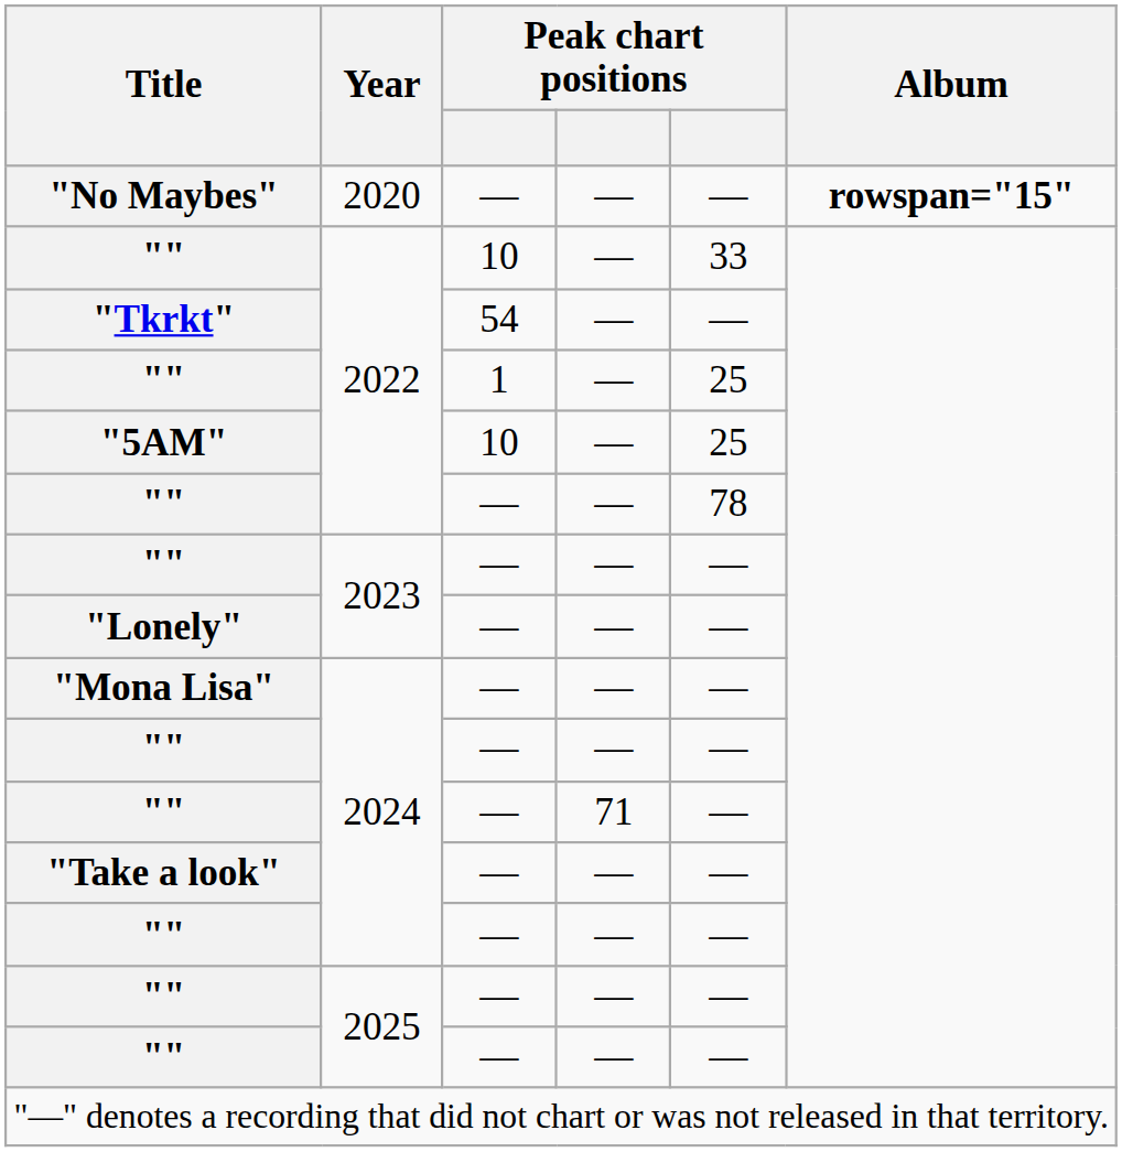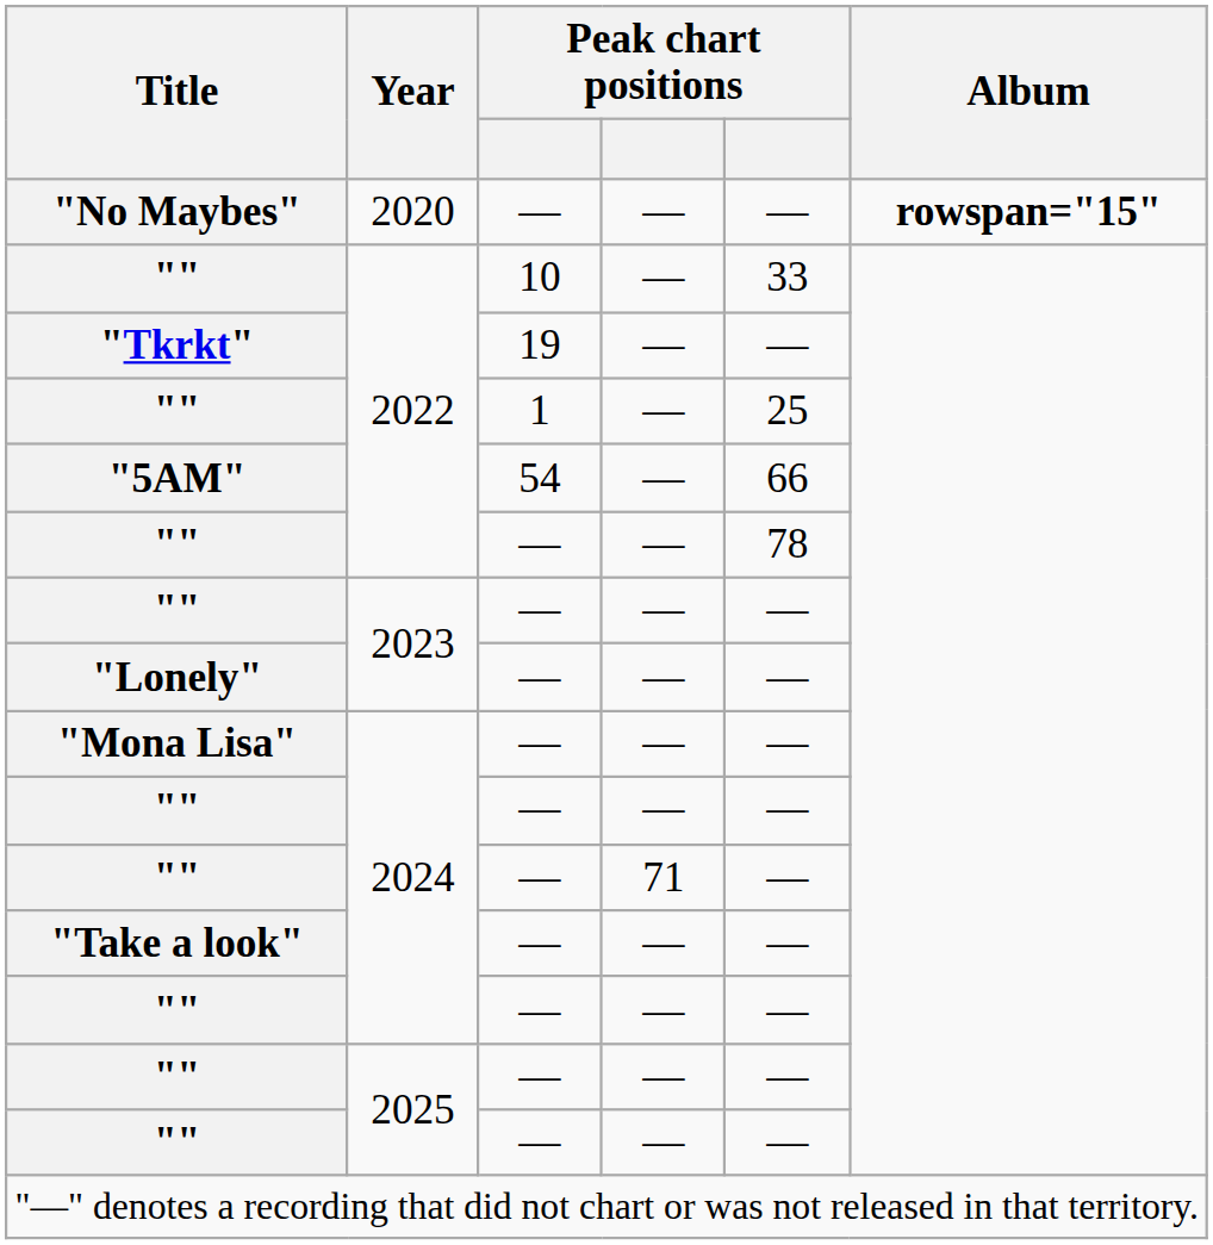 <table class="wikitable plainrowheaders" style="text-align:center;">
 <tr>
 <th scope="col" rowspan="2">Title</th>
 <th scope="col" rowspan="2">Year</th>
 <th scope="col" colspan="3">Peak chart positions</th>
 <th scope="col" rowspan="2">Album</th>
 </tr>
 <tr>
 <th style="width:3em; font-size:85%;"><a href='#'></a><br></th>
 <th style="width:3em; font-size:85%;"><a href='#'></a><br></th>
 <th style="width:3em; font-size:85%;"><a href='#'></a><br></th>
 </tr>
 <tr>
 <th scope="row">"No Maybes"<br></th>
 <td>2020</td>
 <td>—</td>
 <td>—</td>
 <td>—</td>
 <td><strong>rowspan="15" </strong></td>
 </tr>
 <tr>
 <th scope="row">""</th>
 <td rowspan="5">2022</td>
 <td>10</td>
 <td>—</td>
 <td>33</td>
 </tr>
 <tr>
 <th scope="row">"<a href='#'>Tkrkt</a>"</th>
-<td>54</td>
+<td>19</td>
 <td>—</td>
 <td>—</td>
 </tr>
 <tr>
 <th scope="row">""<br></th>
 <td>1</td>
 <td>—</td>
 <td>25</td>
 </tr>
 <tr>
 <th scope="row">"5AM"<br></th>
-<td>10</td>
+<td>54</td>
 <td>—</td>
-<td>25</td>
+<td>66</td>
 </tr>
 <tr>
 <th scope="row">""</th>
 <td>—</td>
 <td>—</td>
 <td>78</td>
 </tr>
 <tr>
 <th scope="row">""</th>
 <td rowspan="2">2023</td>
 <td>—</td>
 <td>—</td>
 <td>—</td>
 </tr>
 <tr>
 <th scope="row">"Lonely"<br></th>
 <td>—</td>
 <td>—</td>
 <td>—</td>
 </tr>
 <tr>
 <th scope="row">"Mona Lisa"</th>
 <td rowspan="5">2024</td>
 <td>—</td>
 <td>—</td>
 <td>—</td>
 </tr>
 <tr>
 <th scope="row">""</th>
 <td>—</td>
 <td>—</td>
 <td>—</td>
 </tr>
 <tr>
 <th scope="row">""<br></th>
 <td>—</td>
 <td>71</td>
 <td>—</td>
 </tr>
 <tr>
 <th scope="row">"Take a look"<br></th>
 <td>—</td>
 <td>—</td>
 <td>—</td>
 </tr>
 <tr>
 <th scope="row">""</th>
 <td>—</td>
 <td>—</td>
 <td>—</td>
 </tr>
 <tr>
 <th scope="row">""</th>
 <td rowspan="2">2025</td>
 <td>—</td>
 <td>—</td>
 <td>—</td>
 </tr>
 <tr>
 <th scope="row">""</th>
 <td>—</td>
 <td>—</td>
 <td>—</td>
 </tr>
 <tr>
 <td colspan="7" style="font-size:90%">"—" denotes a recording that did not chart or was not released in that territory.</td>
 </tr>
 </table>
